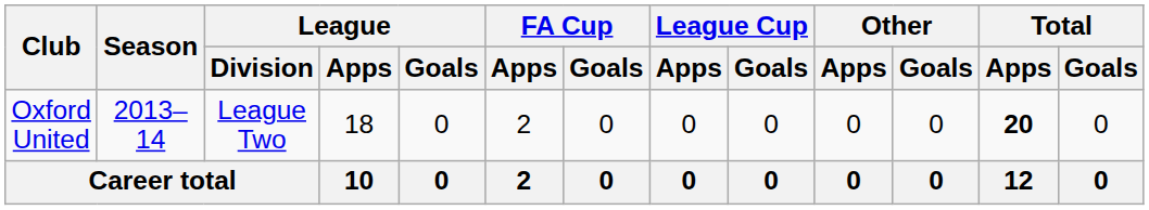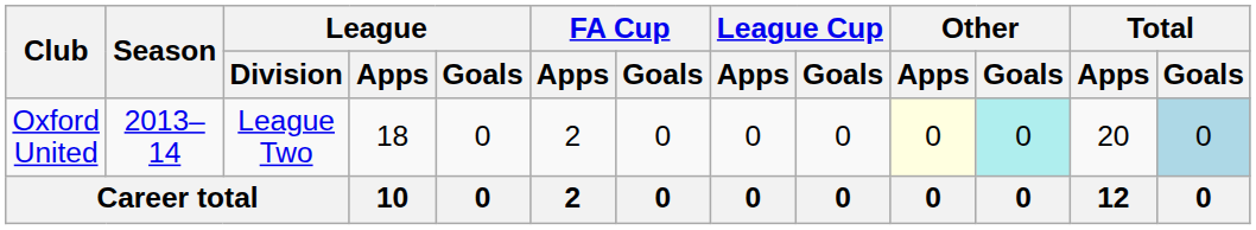 <table class="wikitable" style="text-align: center;">
 <tr>
 <th rowspan="2">Club</th>
 <th rowspan="2">Season</th>
 <th colspan="3">League</th>
 <th colspan="2"><a href='#'>FA Cup</a></th>
 <th colspan="2"><a href='#'>League Cup</a></th>
 <th colspan="2">Other</th>
 <th colspan="2">Total</th>
 </tr>
 <tr>
 <th>Division</th>
 <th>Apps</th>
 <th>Goals</th>
 <th>Apps</th>
 <th>Goals</th>
 <th>Apps</th>
 <th>Goals</th>
 <th>Apps</th>
 <th>Goals</th>
 <th>Apps</th>
 <th>Goals</th>
 </tr>
 <tr>
 <td rowspan="1"><a href='#'>Oxford United</a></td>
 <td><a href='#'>2013–14</a></td>
 <td><a href='#'>League Two</a></td>
 <td>18</td>
 <td>0</td>
 <td>2</td>
 <td>0</td>
 <td>0</td>
 <td>0</td>
-<td>0</td>
-<td>0</td>
-<td><strong>20</strong></td>
-<td>0</td>
+<td style="background: lightyellow;">0</td>
+<td style="background: paleturquoise;">0</td>
+<td>20</td>
+<td style="background: lightblue;">0</td>
 </tr>
 <tr>
 <th colspan="3">Career total</th>
 <th>10</th>
 <th>0</th>
 <th>2</th>
 <th>0</th>
 <th>0</th>
 <th>0</th>
 <th>0</th>
 <th>0</th>
 <th>12</th>
 <th>0</th>
 </tr>
 </table>
